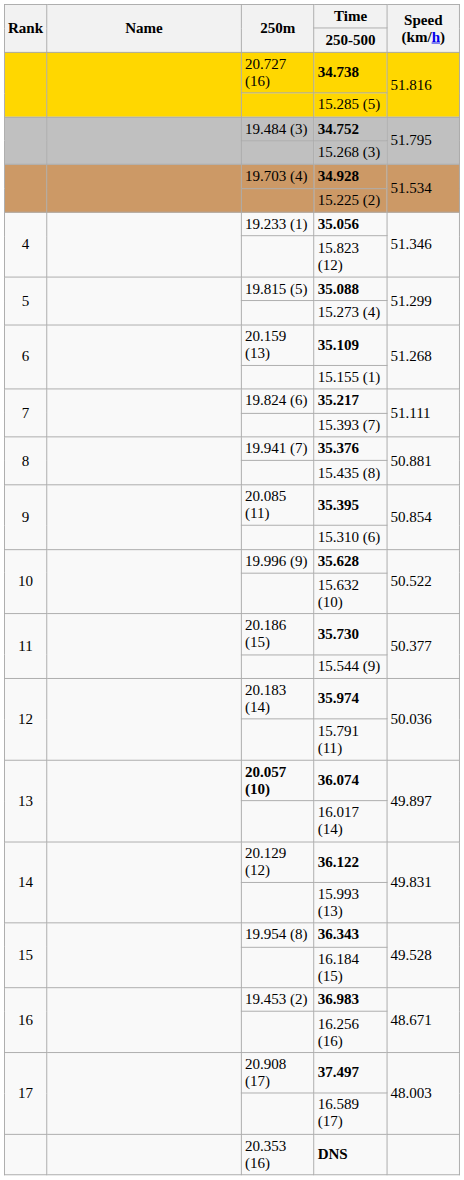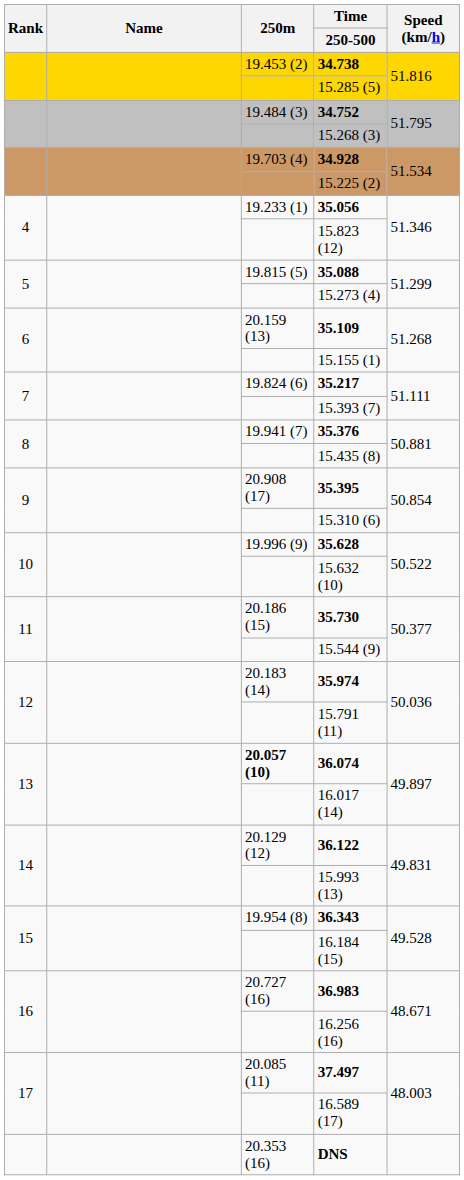 <table class="wikitable">
 <tr>
 <th rowspan=2 width=20>Rank</th>
 <th rowspan=2 width=200>Name</th>
 <th rowspan=2 width=70>250m</th>
 <th width=70>Time</th>
 <th rowspan=2 width=70>Speed<br>(km/<a href='#'>h</a>)</th>
 </tr>
 <tr>
 <th>250-500</th>
 </tr>
 <tr bgcolor=gold>
 <td align=center rowspan=2></td>
 <td rowspan=2></td>
-<td>20.727 (16)</td>
+<td>19.453 (2)</td>
 <td><strong>34.738</strong></td>
 <td rowspan=2>51.816</td>
 </tr>
 <tr bgcolor=gold>
 <td></td>
 <td>15.285 (5)</td>
 </tr>
 <tr bgcolor=silver>
 <td align=center rowspan=2></td>
 <td rowspan=2></td>
 <td>19.484 (3)</td>
 <td><strong>34.752</strong></td>
 <td rowspan=2>51.795</td>
 </tr>
 <tr bgcolor=silver>
 <td></td>
 <td>15.268 (3)</td>
 </tr>
 <tr bgcolor=cc9966>
 <td align=center rowspan=2></td>
 <td rowspan=2></td>
 <td>19.703 (4)</td>
 <td><strong>34.928</strong></td>
 <td rowspan=2>51.534</td>
 </tr>
 <tr bgcolor=cc9966>
 <td></td>
 <td>15.225 (2)</td>
 </tr>
 <tr>
 <td align=center rowspan=2>4</td>
 <td rowspan=2></td>
 <td>19.233 (1)</td>
 <td><strong>35.056</strong></td>
 <td rowspan=2>51.346</td>
 </tr>
 <tr>
 <td></td>
 <td>15.823 (12)</td>
 </tr>
 <tr>
 <td align=center rowspan=2>5</td>
 <td rowspan=2></td>
 <td>19.815 (5)</td>
 <td><strong>35.088</strong></td>
 <td rowspan=2>51.299</td>
 </tr>
 <tr>
 <td></td>
 <td>15.273 (4)</td>
 </tr>
 <tr>
 <td align=center rowspan=2>6</td>
 <td rowspan=2></td>
 <td>20.159 (13)</td>
 <td><strong>35.109</strong></td>
 <td rowspan=2>51.268</td>
 </tr>
 <tr>
 <td></td>
 <td>15.155 (1)</td>
 </tr>
 <tr>
 <td align=center rowspan=2>7</td>
 <td rowspan=2></td>
 <td>19.824 (6)</td>
 <td><strong>35.217</strong></td>
 <td rowspan=2>51.111</td>
 </tr>
 <tr>
 <td></td>
 <td>15.393 (7)</td>
 </tr>
 <tr>
 <td align=center rowspan=2>8</td>
 <td rowspan=2></td>
 <td>19.941 (7)</td>
 <td><strong>35.376</strong></td>
 <td rowspan=2>50.881</td>
 </tr>
 <tr>
 <td></td>
 <td>15.435 (8)</td>
 </tr>
 <tr>
 <td align=center rowspan=2>9</td>
 <td rowspan=2></td>
-<td>20.085 (11)</td>
+<td>20.908 (17)</td>
 <td><strong>35.395</strong></td>
 <td rowspan=2>50.854</td>
 </tr>
 <tr>
 <td></td>
 <td>15.310 (6)</td>
 </tr>
 <tr>
 <td align=center rowspan=2>10</td>
 <td rowspan=2></td>
 <td>19.996 (9)</td>
 <td><strong>35.628</strong></td>
 <td rowspan=2>50.522</td>
 </tr>
 <tr>
 <td></td>
 <td>15.632 (10)</td>
 </tr>
 <tr>
 <td align=center rowspan=2>11</td>
 <td rowspan=2></td>
 <td>20.186 (15)</td>
 <td><strong>35.730</strong></td>
 <td rowspan=2>50.377</td>
 </tr>
 <tr>
 <td></td>
 <td>15.544 (9)</td>
 </tr>
 <tr>
 <td align=center rowspan=2>12</td>
 <td rowspan=2></td>
 <td>20.183 (14)</td>
 <td><strong>35.974</strong></td>
 <td rowspan=2>50.036</td>
 </tr>
 <tr>
 <td></td>
 <td>15.791 (11)</td>
 </tr>
 <tr>
 <td align=center rowspan=2>13</td>
 <td rowspan=2></td>
 <td><strong>20.057 (10)</strong></td>
 <td><strong>36.074</strong></td>
 <td rowspan=2>49.897</td>
 </tr>
 <tr>
 <td></td>
 <td>16.017 (14)</td>
 </tr>
 <tr>
 <td align=center rowspan=2>14</td>
 <td rowspan=2></td>
 <td>20.129 (12)</td>
 <td><strong>36.122</strong></td>
 <td rowspan=2>49.831</td>
 </tr>
 <tr>
 <td></td>
 <td>15.993 (13)</td>
 </tr>
 <tr>
 <td align=center rowspan=2>15</td>
 <td rowspan=2></td>
 <td>19.954 (8)</td>
 <td><strong>36.343</strong></td>
 <td rowspan=2>49.528</td>
 </tr>
 <tr>
 <td></td>
 <td>16.184 (15)</td>
 </tr>
 <tr>
 <td align=center rowspan=2>16</td>
 <td rowspan=2></td>
-<td>19.453 (2)</td>
+<td>20.727 (16)</td>
 <td><strong>36.983</strong></td>
 <td rowspan=2>48.671</td>
 </tr>
 <tr>
 <td></td>
 <td>16.256 (16)</td>
 </tr>
 <tr>
 <td align=center rowspan=2>17</td>
 <td rowspan=2></td>
-<td>20.908 (17)</td>
+<td>20.085 (11)</td>
 <td><strong>37.497</strong></td>
 <td rowspan=2>48.003</td>
 </tr>
 <tr>
 <td></td>
 <td>16.589 (17)</td>
 </tr>
 <tr>
 <td align=center></td>
 <td></td>
 <td>20.353 (16)</td>
 <td><strong>DNS</strong></td>
 <td></td>
 </tr>
 </table>
